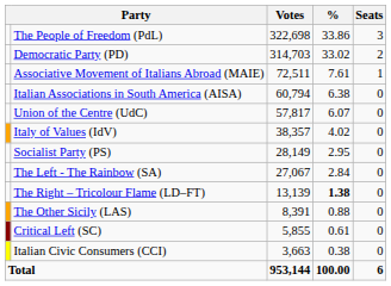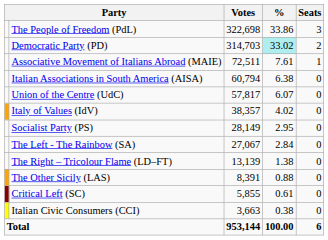 <table class=wikitable style="text-align:right">
 <tr>
 <th colspan=2>Party</th>
 <th>Votes</th>
 <th>%</th>
 <th>Seats</th>
 </tr>
 <tr>
 <td></td>
 <td align="left"><a href='#'>The People of Freedom</a> (PdL)</td>
 <td align="right">322,698</td>
 <td align="right">33.86</td>
 <td align="right">3</td>
 </tr>
 <tr>
 <td></td>
 <td align="left"><a href='#'>Democratic Party</a> (PD)</td>
 <td align="right">314,703</td>
-<td align="right">33.02</td>
+<td align="right" style="background: paleturquoise;">33.02</td>
 <td align="right">2</td>
 </tr>
 <tr>
 <td></td>
 <td align="left"><a href='#'>Associative Movement of Italians Abroad</a> (MAIE)</td>
 <td align="right">72,511</td>
 <td align="right">7.61</td>
 <td align="right">1</td>
 </tr>
 <tr>
 <td></td>
 <td align="left"><a href='#'>Italian Associations in South America</a> (AISA)</td>
 <td align="right">60,794</td>
 <td align="right">6.38</td>
 <td align="right">0</td>
 </tr>
 <tr>
 <td></td>
 <td align="left"><a href='#'>Union of the Centre</a> (UdC)</td>
 <td align="right">57,817</td>
 <td align="right">6.07</td>
 <td align="right">0</td>
 </tr>
 <tr>
 <td bgcolor="orange"></td>
 <td align="left"><a href='#'>Italy of Values</a> (IdV)</td>
 <td align="right">38,357</td>
 <td align="right">4.02</td>
 <td align="right">0</td>
 </tr>
 <tr>
 <td></td>
 <td align="left"><a href='#'>Socialist Party</a> (PS)</td>
 <td align="right">28,149</td>
 <td align="right">2.95</td>
 <td align="right">0</td>
 </tr>
 <tr>
 <td></td>
 <td align="left"><a href='#'>The Left - The Rainbow</a> (SA)</td>
 <td align="right">27,067</td>
 <td align="right">2.84</td>
 <td align="right">0</td>
 </tr>
 <tr>
 <td></td>
 <td align="left"><a href='#'>The Right – Tricolour Flame</a> (LD–FT)</td>
 <td align="right">13,139</td>
-<td align="right"><strong>1.38</strong></td>
+<td align="right">1.38</td>
 <td align="right">0</td>
 </tr>
 <tr>
 <td bgcolor="orange"></td>
 <td align="left"><a href='#'>The Other Sicily</a> (LAS)</td>
 <td align="right">8,391</td>
 <td align="right">0.88</td>
 <td align="right">0</td>
 </tr>
 <tr>
 <td bgcolor="#880000"></td>
 <td align="left"><a href='#'>Critical Left</a> (SC)</td>
 <td align="right">5,855</td>
 <td align="right">0.61</td>
 <td align="right">0</td>
 </tr>
 <tr>
 <td bgcolor="yellow"></td>
 <td align="left">Italian Civic Consumers (CCI)</td>
 <td align="right">3,663</td>
 <td align="right">0.38</td>
 <td align="right">0</td>
 </tr>
 <tr>
 <td align="left" colspan=2><strong>Total</strong></td>
 <td align="right"><strong>953,144</strong></td>
 <td align="right"><strong>100.00</strong></td>
 <td align="right"><strong>6</strong></td>
 </tr>
 </table>
